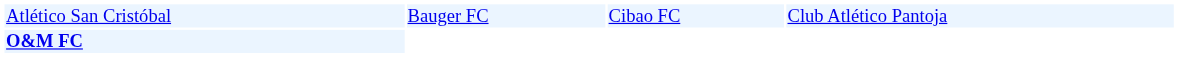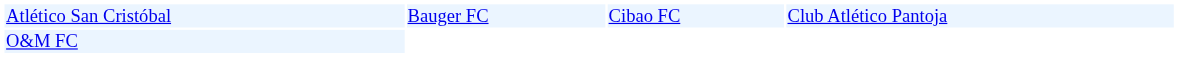 <table style="width:80%; margin:1em auto;">
 <tr>
 <td bgcolor=#EBF5FF><a href='#'>Atlético San Cristóbal</a></td>
 <td bgcolor=#EBF5FF><a href='#'>Bauger FC</a></td>
 <td bgcolor=#EBF5FF><a href='#'>Cibao FC</a></td>
 <td bgcolor=#EBF5FF><a href='#'>Club Atlético Pantoja</a></td>
 </tr>
 <tr>
-<td bgcolor=#EBF5FF><strong><a href='#'>O&M FC</a></strong></td>
+<td bgcolor=#EBF5FF><a href='#'>O&M FC</a></td>
 </tr>
 </table>
